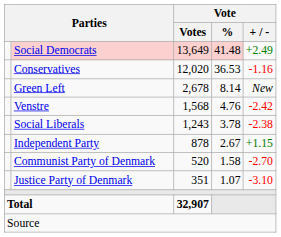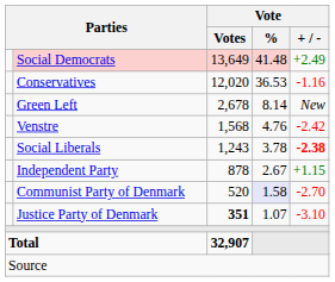 <table class="wikitable" style="text-align:right;">
 <tr>
 <th style="text-align:centre;" rowspan="2" colspan="2" width="225">Parties</th>
 <th colspan="3">Vote</th>
 </tr>
 <tr>
 <th width="15">Votes</th>
 <th width="15">%</th>
 <th width="15">+ / -</th>
 </tr>
 <tr>
 <td width="2" style="color:inherit;background:"></td>
 <td bgcolor=#fbd0ce  align="left"><a href='#'>Social Democrats</a></td>
 <td bgcolor=#fbd0ce>13,649</td>
 <td bgcolor=#fbd0ce>41.48</td>
 <td style=color:green;>+2.49</td>
 </tr>
 <tr>
 <td width="2" style="color:inherit;background:"></td>
 <td align="left"><a href='#'>Conservatives</a></td>
 <td>12,020</td>
 <td>36.53</td>
 <td style=color:red;>-1.16</td>
 </tr>
 <tr>
 <td width="2" style="color:inherit;background:"></td>
 <td align="left"><a href='#'>Green Left</a></td>
 <td>2,678</td>
 <td>8.14</td>
 <td><em>New</em></td>
 </tr>
 <tr>
 <td width="2" style="color:inherit;background:"></td>
 <td align="left"><a href='#'>Venstre</a></td>
 <td>1,568</td>
 <td>4.76</td>
 <td style=color:red;>-2.42</td>
 </tr>
 <tr>
 <td width="2" style="color:inherit;background:"></td>
 <td align="left"><a href='#'>Social Liberals</a></td>
 <td>1,243</td>
 <td>3.78</td>
-<td style=color:red;>-2.38</td>
+<td style=color:red;><strong>-2.38</strong></td>
 </tr>
 <tr>
 <td width="2" style="color:inherit;background:"></td>
 <td align="left"><a href='#'>Independent Party</a></td>
 <td>878</td>
 <td>2.67</td>
 <td style=color:green;>+1.15</td>
 </tr>
 <tr>
 <td width="2" style="color:inherit;background:"></td>
 <td align="left"><a href='#'>Communist Party of Denmark</a></td>
 <td>520</td>
-<td>1.58</td>
+<td style="background: lavender;">1.58</td>
 <td style=color:red;>-2.70</td>
 </tr>
 <tr>
 <td width="2" style="color:inherit;background:"></td>
 <td align="left"><a href='#'>Justice Party of Denmark</a></td>
-<td>351</td>
+<td><strong>351</strong></td>
 <td>1.07</td>
 <td style=color:red;>-3.10</td>
 </tr>
 <tr>
 <td colspan="7" bgcolor="#E9E9E9"></td>
 </tr>
 <tr>
 <td align="left" colspan="2"><strong>Total</strong></td>
 <td><strong>32,907</strong></td>
 <td bgcolor="#E9E9E9" colspan="2"></td>
 </tr>
 <tr>
 <td align="left" colspan="6">Source</td>
 </tr>
 </table>
